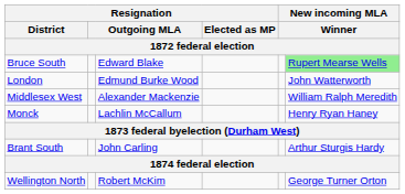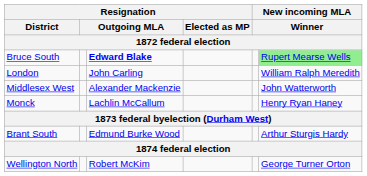 <table class="wikitable">
 <tr>
 <th colspan="4">Resignation</th>
 <th colspan="2">New incoming MLA</th>
 </tr>
 <tr>
 <th>District</th>
 <th colspan="2">Outgoing MLA</th>
 <th>Elected as MP</th>
 <th colspan="2">Winner</th>
 </tr>
 <tr>
 <th colspan="7">1872 federal election</th>
 </tr>
 <tr>
 <td><a href='#'>Bruce South</a></td>
 <td> </td>
-<td><a href='#'>Edward Blake</a></td>
+<td><strong><a href='#'>Edward Blake</a></strong></td>
 <td style="text-align:center;"></td>
 <td> </td>
 <td style="background: lightgreen;"><a href='#'>Rupert Mearse Wells</a></td>
 </tr>
 <tr>
 <td><a href='#'>London</a></td>
 <td> </td>
-<td><a href='#'>Edmund Burke Wood</a></td>
+<td><a href='#'>John Carling</a></td>
 <td style="text-align:center;"></td>
 <td> </td>
-<td><a href='#'>John Watterworth</a></td>
+<td><a href='#'>William Ralph Meredith</a></td>
 </tr>
 <tr>
 <td><a href='#'>Middlesex West</a></td>
 <td> </td>
 <td><a href='#'>Alexander Mackenzie</a></td>
 <td style="text-align:center;"></td>
 <td> </td>
-<td><a href='#'>William Ralph Meredith</a></td>
+<td><a href='#'>John Watterworth</a></td>
 </tr>
 <tr>
 <td><a href='#'>Monck</a></td>
 <td> </td>
 <td><a href='#'>Lachlin McCallum</a></td>
 <td style="text-align:center;"></td>
 <td> </td>
 <td><a href='#'>Henry Ryan Haney</a></td>
 </tr>
 <tr>
 <th colspan="7">1873 federal byelection (<a href='#'>Durham West</a>)</th>
 </tr>
 <tr>
 <td><a href='#'>Brant South</a></td>
 <td> </td>
-<td><a href='#'>John Carling</a></td>
+<td><a href='#'>Edmund Burke Wood</a></td>
 <td style="text-align:center;"></td>
 <td> </td>
 <td><a href='#'>Arthur Sturgis Hardy</a></td>
 </tr>
 <tr>
 <th colspan="7">1874 federal election</th>
 </tr>
 <tr>
 <td><a href='#'>Wellington North</a></td>
 <td> </td>
 <td><a href='#'>Robert McKim</a></td>
 <td style="text-align:center;"></td>
 <td> </td>
 <td><a href='#'>George Turner Orton</a></td>
 </tr>
 </table>
